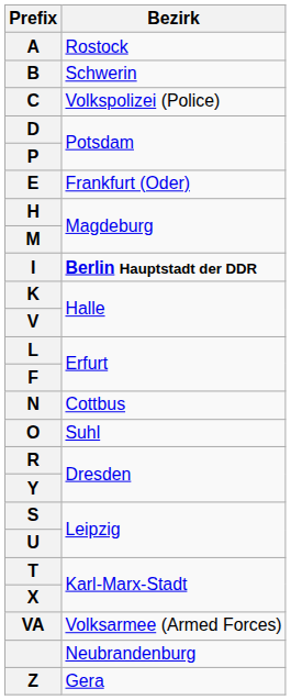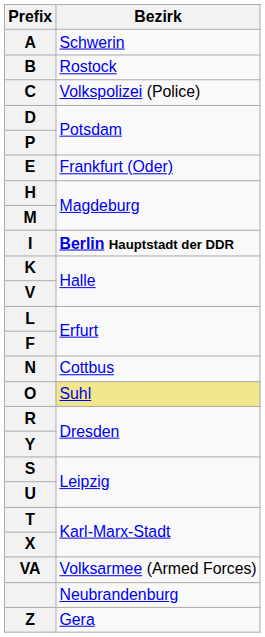 <table class="wikitable sortable";>
 <tr style="background:#EEEEFF">
 <th scope="col">Prefix</th>
 <th scope="col">Bezirk</th>
 </tr>
 <tr>
 <th>A</th>
-<td><a href='#'>Rostock</a></td>
+<td><a href='#'>Schwerin</a></td>
 </tr>
 <tr>
 <th>B</th>
-<td><a href='#'>Schwerin</a></td>
+<td><a href='#'>Rostock</a></td>
 </tr>
 <tr>
 <th>C</th>
 <td><a href='#'>Volkspolizei</a> (Police)</td>
 </tr>
 <tr>
 <th>D</th>
 <td rowspan="2"><a href='#'>Potsdam</a></td>
 </tr>
 <tr>
 <th>P</th>
 </tr>
 <tr>
 <th>E</th>
 <td><a href='#'>Frankfurt (Oder)</a></td>
 </tr>
 <tr>
 <th>H</th>
 <td rowspan="2"><a href='#'>Magdeburg</a></td>
 </tr>
 <tr>
 <th>M</th>
 </tr>
 <tr>
 <th>I</th>
 <td><strong><a href='#'>Berlin</a> <small>Hauptstadt der DDR</small></strong></td>
 </tr>
 <tr>
 <th>K</th>
 <td rowspan="2"><a href='#'>Halle</a></td>
 </tr>
 <tr>
 <th>V</th>
 </tr>
 <tr>
 <th>L</th>
 <td rowspan="2"><a href='#'>Erfurt</a></td>
 </tr>
 <tr>
 <th>F</th>
 </tr>
 <tr>
 <th>N</th>
 <td><a href='#'>Cottbus</a></td>
 </tr>
 <tr>
 <th>O</th>
-<td><a href='#'>Suhl</a></td>
+<td style="background: khaki;"><a href='#'>Suhl</a></td>
 </tr>
 <tr>
 <th>R</th>
 <td rowspan="2"><a href='#'>Dresden</a></td>
 </tr>
 <tr>
 <th>Y</th>
 </tr>
 <tr>
 <th>S</th>
 <td rowspan="2"><a href='#'>Leipzig</a></td>
 </tr>
 <tr>
 <th>U</th>
 </tr>
 <tr>
 <th>T</th>
 <td rowspan="2"><a href='#'>Karl-Marx-Stadt</a></td>
 </tr>
 <tr>
 <th>X</th>
 </tr>
 <tr>
 <th>VA</th>
 <td><a href='#'>Volksarmee</a> (Armed Forces)</td>
 </tr>
 <tr>
 <th></th>
 <td><a href='#'>Neubrandenburg</a></td>
 </tr>
 <tr>
 <th>Z</th>
 <td><a href='#'>Gera</a></td>
 </tr>
 </table>
